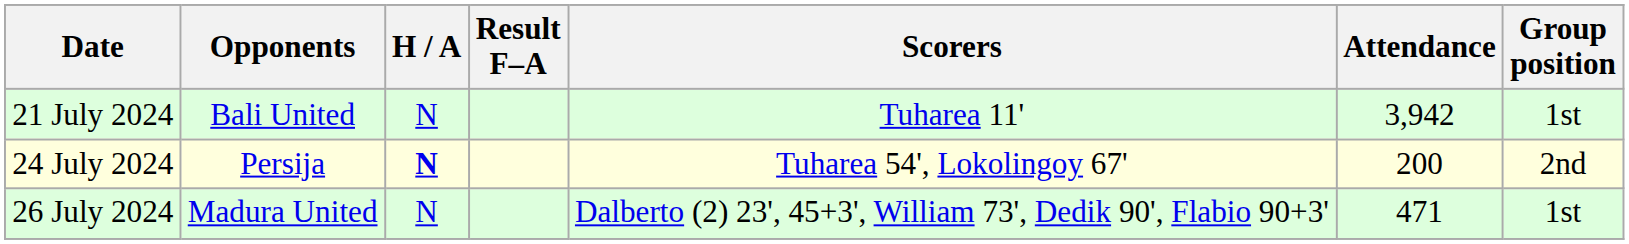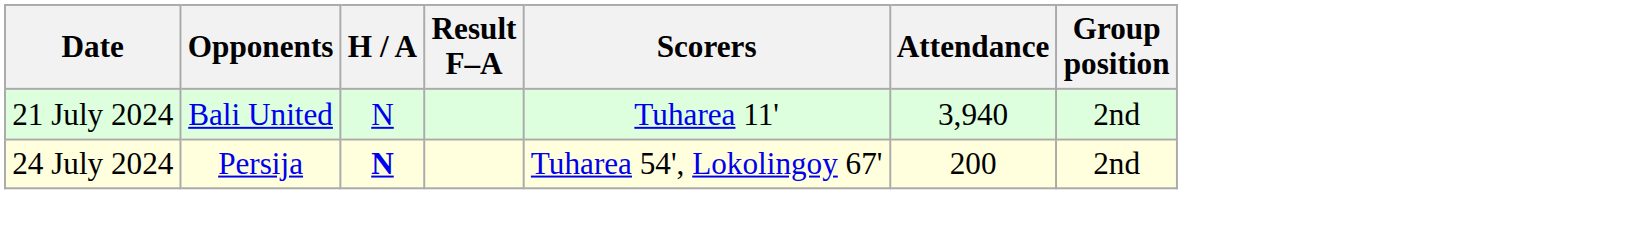 <table class="wikitable" style="text-align:center">
 <tr>
 <th>Date</th>
 <th>Opponents</th>
 <th>H / A</th>
 <th>Result<br>F–A</th>
 <th>Scorers</th>
 <th>Attendance</th>
 <th>Group<br>position</th>
 </tr>
 <tr style="background:#ddffdd">
 <td>21 July 2024</td>
 <td><a href='#'>Bali United</a></td>
 <td><a href='#'>N</a></td>
 <td></td>
 <td><a href='#'>Tuharea</a> 11'</td>
-<td>3,942</td>
-<td>1st</td>
+<td>3,940</td>
+<td>2nd</td>
 </tr>
 <tr style="background:#ffffdd">
 <td>24 July 2024</td>
 <td><a href='#'>Persija</a></td>
 <td><strong><a href='#'>N</a></strong></td>
 <td></td>
 <td><a href='#'>Tuharea</a> 54', <a href='#'>Lokolingoy</a> 67'</td>
 <td>200</td>
 <td>2nd</td>
 </tr>
-<tr style="background:#ddffdd">
-<td>26 July 2024</td>
-<td><a href='#'>Madura United</a></td>
-<td><a href='#'>N</a></td>
-<td></td>
-<td><a href='#'>Dalberto</a> (2) 23', 45+3', <a href='#'>William</a> 73', <a href='#'>Dedik</a> 90', <a href='#'>Flabio</a> 90+3'</td>
-<td>471</td>
-<td>1st</td>
-</tr>
 </table>
